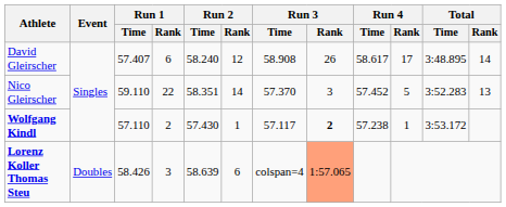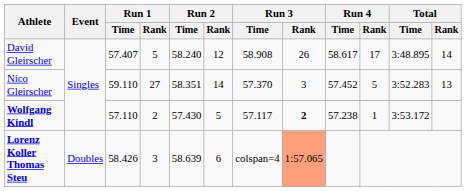 <table class="wikitable" style="font-size:90%">
 <tr>
 <th rowspan="2">Athlete</th>
 <th rowspan="2">Event</th>
 <th colspan="2">Run 1</th>
 <th colspan="2">Run 2</th>
 <th colspan="2">Run 3</th>
 <th colspan="2">Run 4</th>
 <th colspan="2">Total</th>
 </tr>
 <tr style="font-size:95%">
 <th>Time</th>
 <th>Rank</th>
 <th>Time</th>
 <th>Rank</th>
 <th>Time</th>
 <th>Rank</th>
 <th>Time</th>
 <th>Rank</th>
 <th>Time</th>
 <th>Rank</th>
 </tr>
 <tr align=center>
 <td align=left><a href='#'>David Gleirscher</a></td>
 <td align=left rowspan=3><a href='#'>Singles</a></td>
 <td>57.407</td>
-<td>6</td>
+<td>5</td>
 <td>58.240</td>
 <td>12</td>
 <td>58.908</td>
 <td>26</td>
 <td>58.617</td>
 <td>17</td>
 <td>3:48.895</td>
 <td>14</td>
 </tr>
 <tr align=center>
 <td align=left><a href='#'>Nico Gleirscher</a></td>
 <td>59.110</td>
-<td>22</td>
+<td>27</td>
 <td>58.351</td>
 <td>14</td>
 <td>57.370</td>
 <td>3</td>
 <td>57.452</td>
 <td>5</td>
 <td>3:52.283</td>
 <td>13</td>
 </tr>
 <tr align=center>
 <td align=left><strong><a href='#'>Wolfgang Kindl</a></strong></td>
 <td>57.110</td>
 <td>2</td>
 <td>57.430</td>
-<td>1</td>
+<td>5</td>
 <td>57.117</td>
 <td><strong>2</strong></td>
 <td>57.238</td>
 <td>1</td>
 <td>3:53.172</td>
 <td></td>
 </tr>
 <tr align=center>
 <td align=left><strong><a href='#'>Lorenz Koller</a><br><a href='#'>Thomas Steu</a></strong></td>
 <td align=left><a href='#'>Doubles</a></td>
 <td>58.426</td>
 <td>3</td>
 <td>58.639</td>
 <td>6</td>
 <td>colspan=4 </td>
 <td style="background: lightsalmon;">1:57.065</td>
 <td></td>
 </tr>
 </table>
